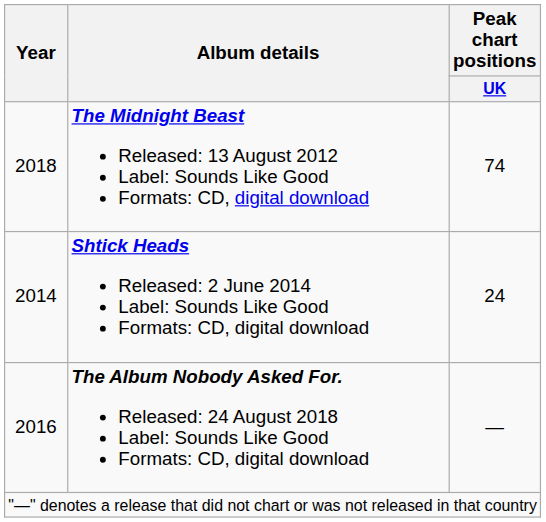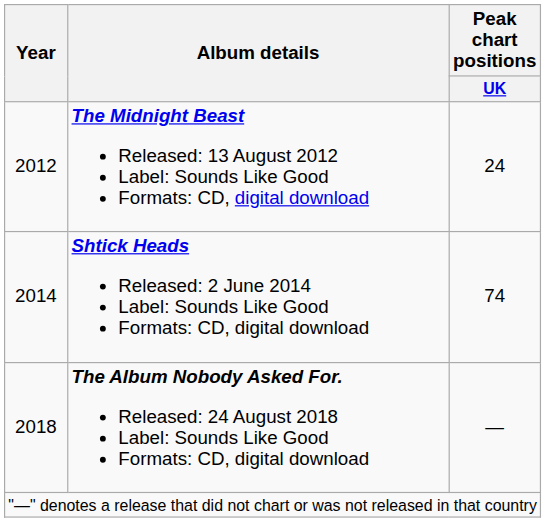 <table class="wikitable" style="text-align:center;">
 <tr>
 <th scope="col" rowspan="2">Year</th>
 <th scope="col" rowspan="2">Album details</th>
 <th scope="col" colspan="1">Peak chart positions</th>
 </tr>
 <tr>
 <th style="width:3em;font-size:85%;"><a href='#'>UK</a><br></th>
 </tr>
 <tr>
-<td>2018</td>
+<td>2012</td>
 <td align="left"><strong><em><a href='#'>The Midnight Beast</a></em></strong><br><ul><li>Released: 13 August 2012</li><li>Label: Sounds Like Good</li><li>Formats: CD, <a href='#'>digital download</a></li></ul></td>
-<td>74</td>
+<td>24</td>
 </tr>
 <tr>
 <td>2014</td>
 <td align="left"><strong><em><a href='#'>Shtick Heads</a></em></strong><br><ul><li>Released: 2 June 2014</li><li>Label: Sounds Like Good</li><li>Formats: CD, digital download</li></ul></td>
-<td>24</td>
+<td>74</td>
 </tr>
 <tr>
-<td>2016</td>
+<td>2018</td>
 <td align="left"><strong><em>The Album Nobody Asked For.</em></strong><br><ul><li>Released: 24 August 2018</li><li>Label: Sounds Like Good</li><li>Formats: CD, digital download</li></ul></td>
 <td>—</td>
 </tr>
 <tr>
 <td style="text-align:center; font-size:85%" colspan=5>"—" denotes a release that did not chart or was not released in that country</td>
 </tr>
 </table>
